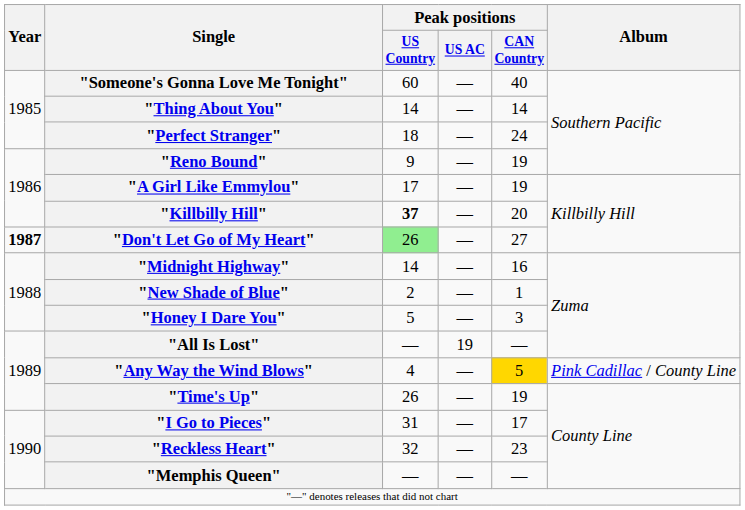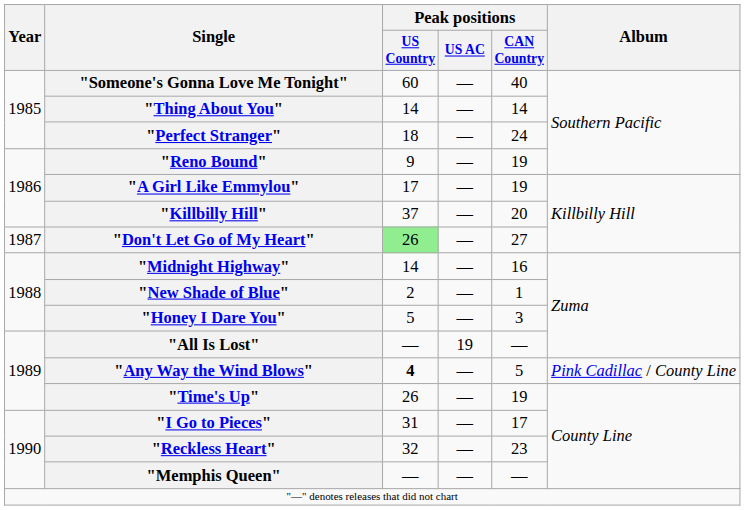 <table class="wikitable plainrowheaders" style="text-align:center;">
 <tr>
 <th rowspan="2">Year</th>
 <th rowspan="2" style="width:20em;">Single</th>
 <th colspan="3">Peak positions</th>
 <th rowspan="2">Album</th>
 </tr>
 <tr style="font-size:smaller;">
 <th width="45"><a href='#'>US Country</a><br></th>
 <th width="45"><a href='#'>US AC</a><br></th>
 <th width="45"><a href='#'>CAN Country</a><br></th>
 </tr>
 <tr>
 <td rowspan="3">1985</td>
 <th scope="row">"Someone's Gonna Love Me Tonight"</th>
 <td>60</td>
 <td>—</td>
 <td>40</td>
 <td align="left" rowspan="4"><em>Southern Pacific</em></td>
 </tr>
 <tr>
 <th scope="row">"<a href='#'>Thing About You</a>" </th>
 <td>14</td>
 <td>—</td>
 <td>14</td>
 </tr>
 <tr>
 <th scope="row">"<a href='#'>Perfect Stranger</a>"</th>
 <td>18</td>
 <td>—</td>
 <td>24</td>
 </tr>
 <tr>
 <td rowspan="3">1986</td>
 <th scope="row">"<a href='#'>Reno Bound</a>"</th>
 <td>9</td>
 <td>—</td>
 <td>19</td>
 </tr>
 <tr>
 <th scope="row">"<a href='#'>A Girl Like Emmylou</a>"</th>
 <td>17</td>
 <td>—</td>
 <td>19</td>
 <td align="left" rowspan="3"><em>Killbilly Hill</em></td>
 </tr>
 <tr>
 <th scope="row">"<a href='#'>Killbilly Hill</a>"</th>
-<td><strong>37</strong></td>
+<td>37</td>
 <td>—</td>
 <td>20</td>
 </tr>
 <tr>
-<td><strong>1987</strong></td>
+<td>1987</td>
 <th scope="row">"<a href='#'>Don't Let Go of My Heart</a>"</th>
 <td style="background: lightgreen;">26</td>
 <td>—</td>
 <td>27</td>
 </tr>
 <tr>
 <td rowspan="3">1988</td>
 <th scope="row">"<a href='#'>Midnight Highway</a>"</th>
 <td>14</td>
 <td>—</td>
 <td>16</td>
 <td align="left" rowspan="4"><em>Zuma</em></td>
 </tr>
 <tr>
 <th scope="row">"<a href='#'>New Shade of Blue</a>"</th>
 <td>2</td>
 <td>—</td>
 <td>1</td>
 </tr>
 <tr>
 <th scope="row">"<a href='#'>Honey I Dare You</a>"</th>
 <td>5</td>
 <td>—</td>
 <td>3</td>
 </tr>
 <tr>
 <td rowspan="3">1989</td>
 <th scope="row">"All Is Lost"</th>
 <td>—</td>
 <td>19</td>
 <td>—</td>
 </tr>
 <tr>
 <th scope="row">"<a href='#'>Any Way the Wind Blows</a>"</th>
-<td>4</td>
+<td><strong>4</strong></td>
 <td>—</td>
-<td style="background: gold;">5</td>
+<td>5</td>
 <td align="left"><em><a href='#'>Pink Cadillac</a></em>  / <em>County Line</em></td>
 </tr>
 <tr>
 <th scope="row">"<a href='#'>Time's Up</a>" </th>
 <td>26</td>
 <td>—</td>
 <td>19</td>
 <td align="left" rowspan="4"><em>County Line</em></td>
 </tr>
 <tr>
 <td rowspan="3">1990</td>
 <th scope="row">"<a href='#'>I Go to Pieces</a>"</th>
 <td>31</td>
 <td>—</td>
 <td>17</td>
 </tr>
 <tr>
 <th scope="row">"<a href='#'>Reckless Heart</a>"</th>
 <td>32</td>
 <td>—</td>
 <td>23</td>
 </tr>
 <tr>
 <th scope="row">"Memphis Queen"</th>
 <td>—</td>
 <td>—</td>
 <td>—</td>
 </tr>
 <tr>
 <td colspan="6" style="font-size:8pt">"—" denotes releases that did not chart</td>
 </tr>
 </table>
